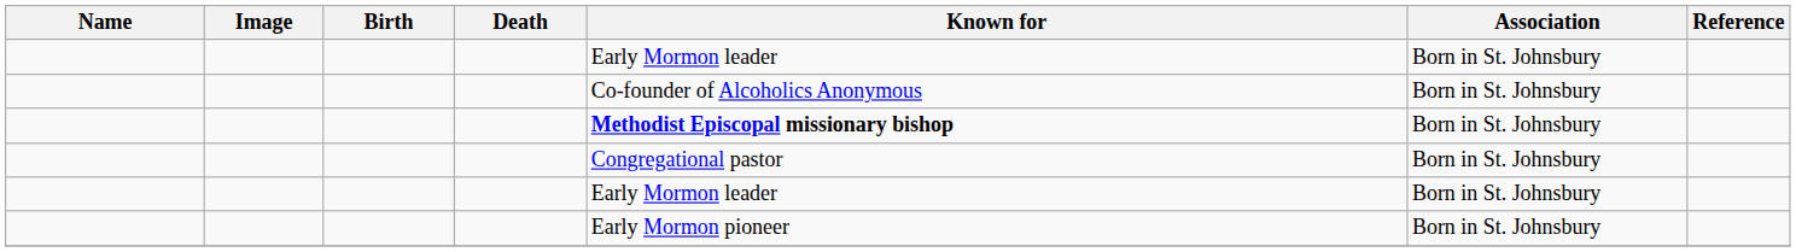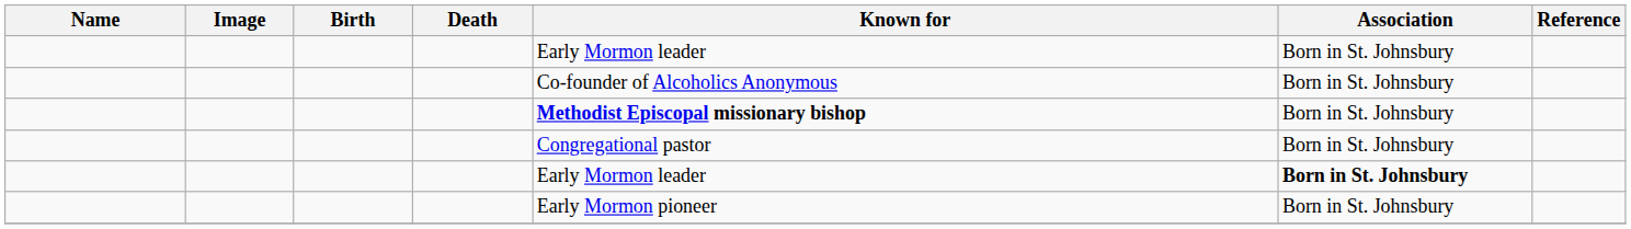 <table class="wikitable sortable">
 <tr>
 <th scope="col" width="140">Name</th>
 <th scope="col" width="80" class="unsortable">Image</th>
 <th scope="col" width="90">Birth</th>
 <th scope="col" width="90">Death</th>
 <th scope="col" width="600" class="unsortable">Known for</th>
 <th scope="col" width="200" class="unsortable">Association</th>
 <th scope="col" width="30" class="unsortable">Reference</th>
 </tr>
 <tr>
 <td></td>
 <td></td>
 <td align=right></td>
 <td align=right></td>
 <td>Early <a href='#'>Mormon</a> leader</td>
 <td>Born in St. Johnsbury</td>
 <td align="center"></td>
 </tr>
 <tr>
 <td></td>
 <td></td>
 <td align=right></td>
 <td align=right></td>
 <td>Co-founder of <a href='#'>Alcoholics Anonymous</a></td>
 <td>Born in St. Johnsbury</td>
 <td align="center"></td>
 </tr>
 <tr>
 <td></td>
 <td></td>
 <td align=right></td>
 <td align=right></td>
 <td><strong><a href='#'>Methodist Episcopal</a> missionary bishop</strong></td>
 <td>Born in St. Johnsbury</td>
 <td align="center"></td>
 </tr>
 <tr>
 <td></td>
 <td></td>
 <td align=right></td>
 <td align=right></td>
 <td><a href='#'>Congregational</a> pastor</td>
 <td>Born in St. Johnsbury</td>
 <td align="center"></td>
 </tr>
 <tr>
 <td></td>
 <td></td>
 <td align=right></td>
 <td align=right></td>
 <td>Early <a href='#'>Mormon</a> leader</td>
-<td>Born in St. Johnsbury</td>
+<td><strong>Born in St. Johnsbury</strong></td>
 <td align="center"></td>
 </tr>
 <tr>
 <td></td>
 <td></td>
 <td align=right></td>
 <td align=right></td>
 <td>Early <a href='#'>Mormon</a> pioneer</td>
 <td>Born in St. Johnsbury</td>
 <td align="center"></td>
 </tr>
 <tr>
 </tr>
 </table>
